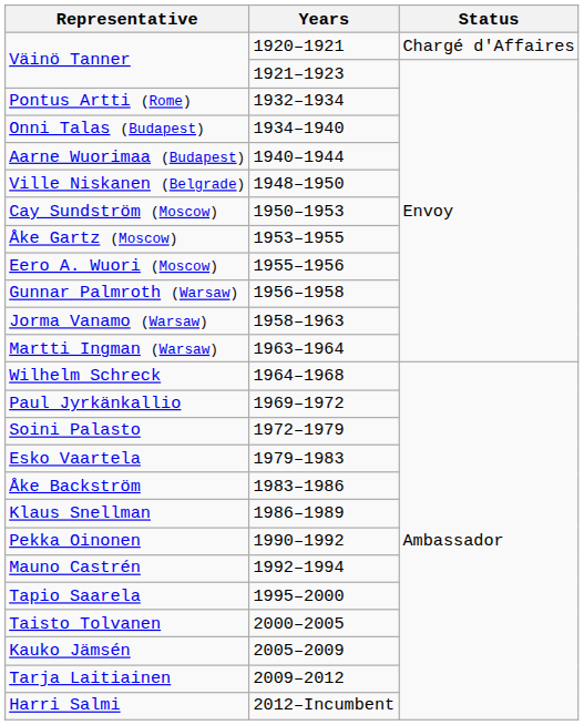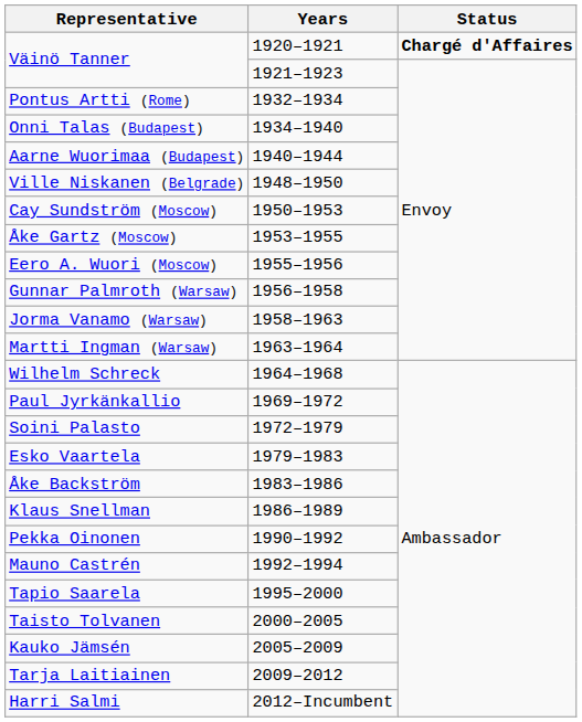 <table class="wikitable sortable">
 <tr>
 <th>Representative</th>
 <th>Years</th>
 <th>Status</th>
 </tr>
 <tr>
 <td rowspan="2"><a href='#'>Väinö Tanner</a></td>
 <td>1920–1921</td>
-<td>Chargé d'Affaires</td>
+<td><strong>Chargé d'Affaires</strong></td>
 </tr>
 <tr>
 <td>1921–1923</td>
 <td rowspan="11">Envoy</td>
 </tr>
 <tr>
 <td><a href='#'>Pontus Artti</a> <small>(<a href='#'>Rome</a>)</small></td>
 <td>1932–1934</td>
 </tr>
 <tr>
 <td><a href='#'>Onni Talas</a> <small>(<a href='#'>Budapest</a>)</small></td>
 <td>1934–1940</td>
 </tr>
 <tr>
 <td><a href='#'>Aarne Wuorimaa</a> <small>(<a href='#'>Budapest</a>)</small></td>
 <td>1940–1944</td>
 </tr>
 <tr>
 <td><a href='#'>Ville Niskanen</a> <small>(<a href='#'>Belgrade</a>)</small></td>
 <td>1948–1950</td>
 </tr>
 <tr>
 <td><a href='#'>Cay Sundström</a> <small>(<a href='#'>Moscow</a>)</small></td>
 <td>1950–1953</td>
 </tr>
 <tr>
 <td><a href='#'>Åke Gartz</a> <small>(<a href='#'>Moscow</a>)</small></td>
 <td>1953–1955</td>
 </tr>
 <tr>
 <td><a href='#'>Eero A. Wuori</a> <small>(<a href='#'>Moscow</a>)</small></td>
 <td>1955–1956</td>
 </tr>
 <tr>
 <td><a href='#'>Gunnar Palmroth</a> <small>(<a href='#'>Warsaw</a>)</small></td>
 <td>1956–1958</td>
 </tr>
 <tr>
 <td><a href='#'>Jorma Vanamo</a> <small>(<a href='#'>Warsaw</a>)</small></td>
 <td>1958–1963</td>
 </tr>
 <tr>
 <td><a href='#'>Martti Ingman</a> <small>(<a href='#'>Warsaw</a>)</small></td>
 <td>1963–1964</td>
 </tr>
 <tr>
 <td><a href='#'>Wilhelm Schreck</a></td>
 <td>1964–1968</td>
 <td rowspan="13">Ambassador</td>
 </tr>
 <tr>
 <td><a href='#'>Paul Jyrkänkallio</a></td>
 <td>1969–1972</td>
 </tr>
 <tr>
 <td><a href='#'>Soini Palasto</a></td>
 <td>1972–1979</td>
 </tr>
 <tr>
 <td><a href='#'>Esko Vaartela</a></td>
 <td>1979–1983</td>
 </tr>
 <tr>
 <td><a href='#'>Åke Backström</a></td>
 <td>1983–1986</td>
 </tr>
 <tr>
 <td><a href='#'>Klaus Snellman</a></td>
 <td>1986–1989</td>
 </tr>
 <tr>
 <td><a href='#'>Pekka Oinonen</a></td>
 <td>1990–1992</td>
 </tr>
 <tr>
 <td><a href='#'>Mauno Castrén</a></td>
 <td>1992–1994</td>
 </tr>
 <tr>
 <td><a href='#'>Tapio Saarela</a></td>
 <td>1995–2000</td>
 </tr>
 <tr>
 <td><a href='#'>Taisto Tolvanen</a></td>
 <td>2000–2005</td>
 </tr>
 <tr>
 <td><a href='#'>Kauko Jämsén</a></td>
 <td>2005–2009</td>
 </tr>
 <tr>
 <td><a href='#'>Tarja Laitiainen</a></td>
 <td>2009–2012</td>
 </tr>
 <tr>
 <td><a href='#'>Harri Salmi</a></td>
 <td>2012–Incumbent</td>
 </tr>
 </table>
